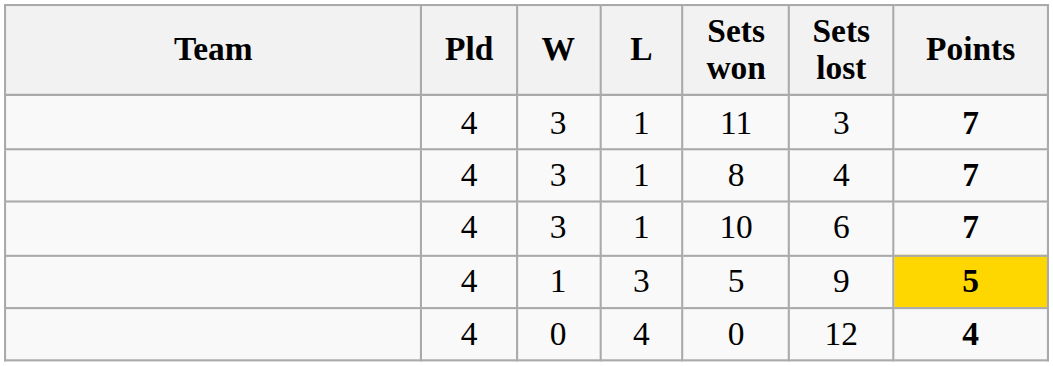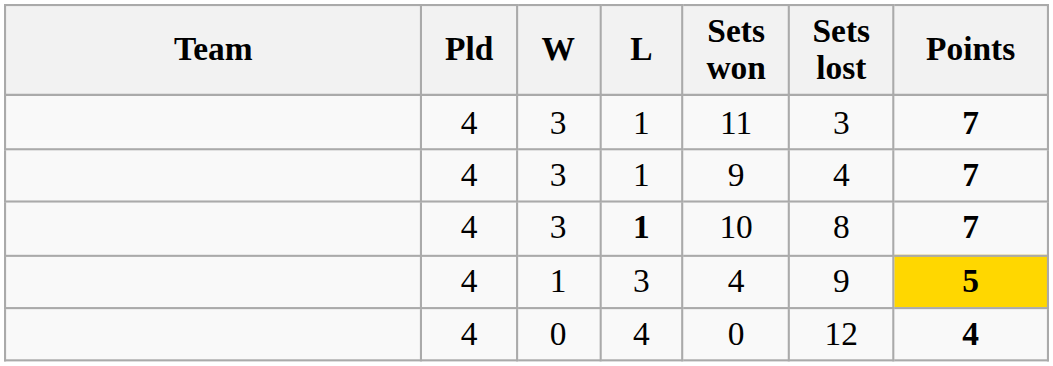 <table class=wikitable style="text-align:center" width=500>
 <tr>
 <th width=25%>Team</th>
 <th width=5%>Pld</th>
 <th width=5%>W</th>
 <th width=5%>L</th>
 <th width=5%>Sets won</th>
 <th width=5%>Sets lost</th>
 <th width=8%>Points</th>
 </tr>
 <tr>
 </tr>
 <tr>
 <td align="left"></td>
 <td>4</td>
 <td>3</td>
 <td>1</td>
 <td>11</td>
 <td>3</td>
 <td><strong>7</strong></td>
 </tr>
 <tr>
 <td align="left"></td>
 <td>4</td>
 <td>3</td>
 <td>1</td>
-<td>8</td>
+<td>9</td>
 <td>4</td>
 <td><strong>7</strong></td>
 </tr>
 <tr>
 <td align="left"></td>
 <td>4</td>
 <td>3</td>
-<td>1</td>
+<td><strong>1</strong></td>
 <td>10</td>
-<td>6</td>
+<td>8</td>
 <td><strong>7</strong></td>
 </tr>
 <tr>
 <td align="left"></td>
 <td>4</td>
 <td>1</td>
 <td>3</td>
-<td>5</td>
+<td>4</td>
 <td>9</td>
 <td style="background: gold;"><strong>5</strong></td>
 </tr>
 <tr>
 <td align="left"></td>
 <td>4</td>
 <td>0</td>
 <td>4</td>
 <td>0</td>
 <td>12</td>
 <td><strong>4</strong></td>
 </tr>
 </table>
